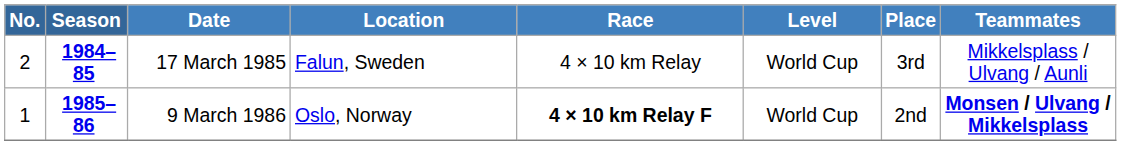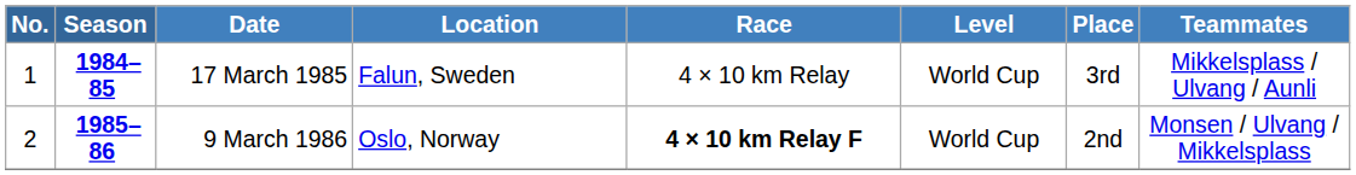 <table class="wikitable sortable" style="font-size:95%; text-align:center; border:grey solid 1px; border-collapse:collapse; background:#ffffff;">
 <tr style="background:#efefef;">
 <th style="background-color:#369; color:white;">No.</th>
 <th style="background-color:#369; color:white;">Season</th>
 <th style="background-color:#4180be; color:white; width:120px;">Date</th>
 <th style="background-color:#4180be; color:white; width:170px;">Location</th>
 <th style="background-color:#4180be; color:white; width:170px;">Race</th>
 <th style="background-color:#4180be; color:white; width:100px;">Level</th>
 <th style="background-color:#4180be; color:white;">Place</th>
 <th style="background-color:#4180be; color:white;">Teammates</th>
 </tr>
 <tr>
-<td align=center>2</td>
+<td align=center>1</td>
 <td rowspan=1 align=center><strong> <a href='#'>1984–85</a> </strong></td>
 <td align=right>17 March 1985</td>
 <td align=left> <a href='#'>Falun</a>, Sweden</td>
 <td>4 × 10 km Relay</td>
 <td>World Cup</td>
 <td>3rd</td>
 <td><a href='#'>Mikkelsplass</a> / <a href='#'>Ulvang</a> / <a href='#'>Aunli</a></td>
 </tr>
 <tr>
-<td align=center>1</td>
+<td align=center>2</td>
 <td rowspan=1 align=center><strong> <a href='#'>1985–86</a> </strong></td>
 <td align=right>9 March 1986</td>
 <td align=left> <a href='#'>Oslo</a>, Norway</td>
 <td><strong>4 × 10 km Relay F</strong></td>
 <td>World Cup</td>
 <td>2nd</td>
-<td><strong><a href='#'>Monsen</a> / <a href='#'>Ulvang</a> / <a href='#'>Mikkelsplass</a></strong></td>
+<td><a href='#'>Monsen</a> / <a href='#'>Ulvang</a> / <a href='#'>Mikkelsplass</a></td>
 </tr>
 <tr>
 </tr>
 </table>
